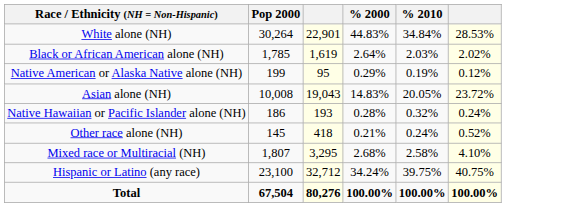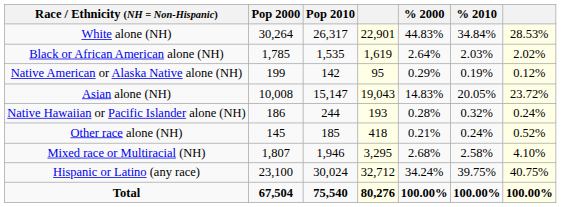 <table class="wikitable" style="text-align:center;">
 <tr>
 <th>Race / Ethnicity <small>(<em>NH = Non-Hispanic</em>)</small></th>
 <th>Pop 2000</th>
+<th>Pop 2010</th>
 <th></th>
 <th>% 2000</th>
 <th>% 2010</th>
 <th></th>
 </tr>
 <tr>
 <td><a href='#'>White</a> alone (NH)</td>
 <td>30,264</td>
+<td>26,317</td>
 <td style='background: #ffffe6;'>22,901</td>
 <td>44.83%</td>
 <td>34.84%</td>
 <td style='background: #ffffe6;'>28.53%</td>
 </tr>
 <tr>
 <td><a href='#'>Black or African American</a> alone (NH)</td>
 <td>1,785</td>
+<td>1,535</td>
 <td style='background: #ffffe6;'>1,619</td>
 <td>2.64%</td>
 <td>2.03%</td>
 <td style='background: #ffffe6;'>2.02%</td>
 </tr>
 <tr>
 <td><a href='#'>Native American</a> or <a href='#'>Alaska Native</a> alone (NH)</td>
 <td>199</td>
+<td>142</td>
 <td style='background: #ffffe6;'>95</td>
 <td>0.29%</td>
 <td>0.19%</td>
 <td style='background: #ffffe6;'>0.12%</td>
 </tr>
 <tr>
 <td><a href='#'>Asian</a> alone (NH)</td>
 <td>10,008</td>
+<td>15,147</td>
 <td style='background: #ffffe6;'>19,043</td>
 <td>14.83%</td>
 <td>20.05%</td>
 <td style='background: #ffffe6;'>23.72%</td>
 </tr>
 <tr>
 <td><a href='#'>Native Hawaiian</a> or <a href='#'>Pacific Islander</a> alone (NH)</td>
 <td>186</td>
+<td>244</td>
 <td style='background: #ffffe6;'>193</td>
 <td>0.28%</td>
 <td>0.32%</td>
 <td style='background: #ffffe6;'>0.24%</td>
 </tr>
 <tr>
 <td><a href='#'>Other race</a> alone (NH)</td>
 <td>145</td>
+<td>185</td>
 <td style='background: #ffffe6;'>418</td>
 <td>0.21%</td>
 <td>0.24%</td>
 <td style='background: #ffffe6;'>0.52%</td>
 </tr>
 <tr>
 <td><a href='#'>Mixed race or Multiracial</a> (NH)</td>
 <td>1,807</td>
+<td>1,946</td>
 <td style='background: #ffffe6;'>3,295</td>
 <td>2.68%</td>
 <td>2.58%</td>
 <td style='background: #ffffe6;'>4.10%</td>
 </tr>
 <tr>
 <td><a href='#'>Hispanic or Latino</a> (any race)</td>
 <td>23,100</td>
+<td>30,024</td>
 <td style='background: #ffffe6;'>32,712</td>
 <td>34.24%</td>
 <td>39.75%</td>
 <td style='background: #ffffe6;'>40.75%</td>
 </tr>
 <tr>
 <td><strong>Total</strong></td>
 <td><strong>67,504</strong></td>
+<td><strong>75,540</strong></td>
 <td style='background: #ffffe6;'><strong>80,276</strong></td>
 <td><strong>100.00%</strong></td>
 <td><strong>100.00%</strong></td>
 <td style='background: #ffffe6;'><strong>100.00%</strong></td>
 </tr>
 </table>
